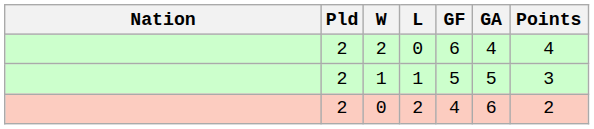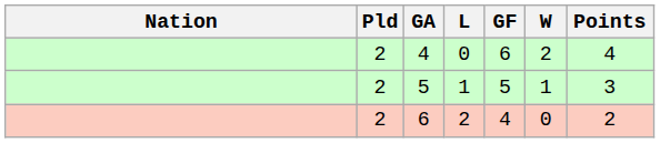 <table class=wikitable style="text-align:center">
 <tr>
 <th width=220>Nation</th>
 <th width=20>Pld</th>
-<th width=20>W</th>
+<th width=20>GA</th>
 <th width=20>L</th>
 <th width=20>GF</th>
-<th width=20>GA</th>
+<th width=20>W</th>
 <th width=50>Points</th>
 </tr>
 <tr bgcolor="#ccffcc">
 <td align=left></td>
 <td>2</td>
-<td>2</td>
+<td>4</td>
 <td>0</td>
 <td>6</td>
-<td>4</td>
+<td>2</td>
 <td>4</td>
 </tr>
 <tr bgcolor="#ccffcc">
 <td align=left></td>
 <td>2</td>
-<td>1</td>
+<td>5</td>
 <td>1</td>
 <td>5</td>
-<td>5</td>
+<td>1</td>
 <td>3</td>
 </tr>
 <tr bgcolor="#fcccc">
 <td align=left></td>
 <td>2</td>
-<td>0</td>
+<td>6</td>
 <td>2</td>
 <td>4</td>
-<td>6</td>
+<td>0</td>
 <td>2</td>
 </tr>
 </table>
